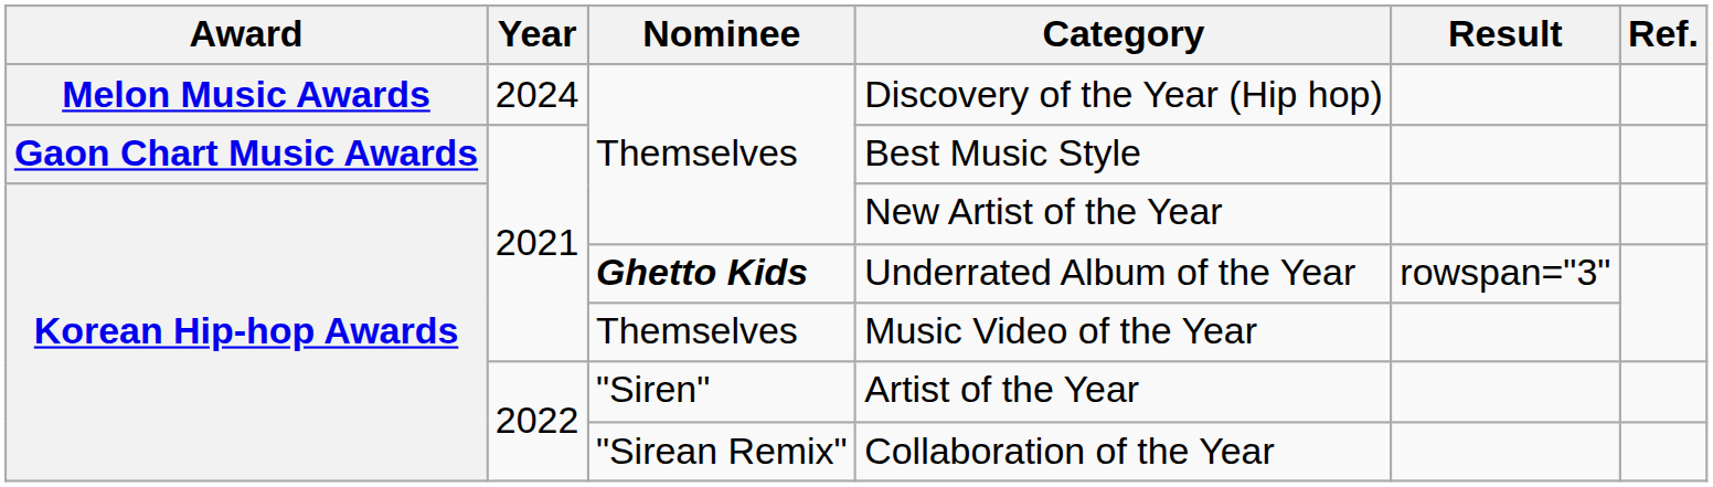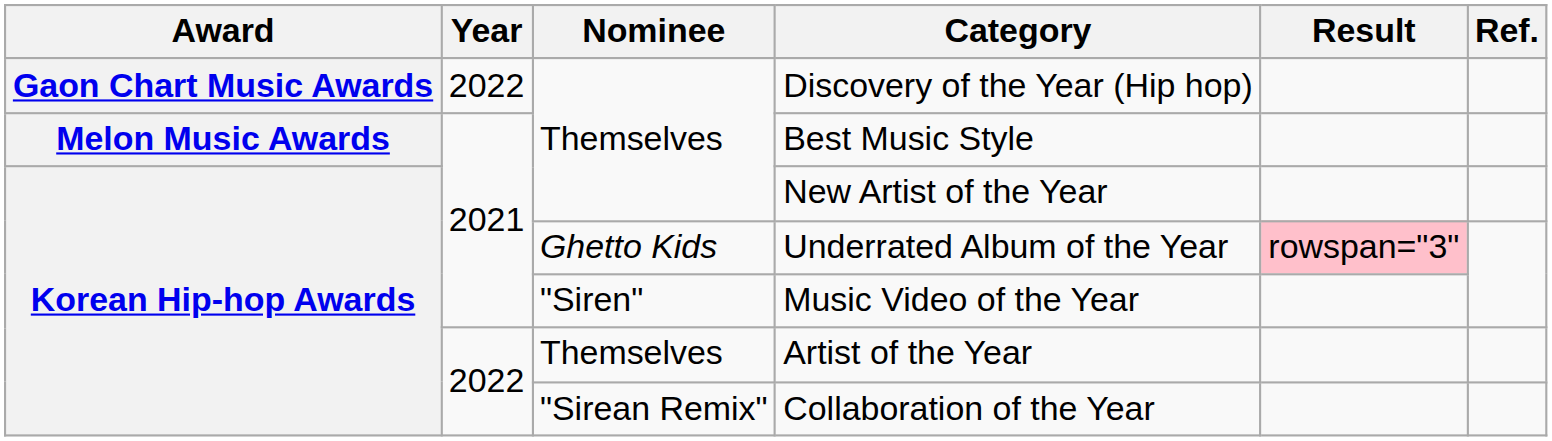 <table class="wikitable plainrowheaders">
 <tr>
 <th>Award</th>
 <th>Year</th>
 <th>Nominee</th>
 <th>Category</th>
 <th>Result</th>
 <th>Ref.</th>
 </tr>
 <tr>
-<th scope="row"><a href='#'>Melon Music Awards</a></th>
-<td>2024</td>
+<th scope="row"><a href='#'>Gaon Chart Music Awards</a></th>
+<td>2022</td>
 <td rowspan="3">Themselves</td>
 <td>Discovery of the Year (Hip hop)</td>
 <td></td>
 <td></td>
 </tr>
 <tr>
-<th scope="row"><a href='#'>Gaon Chart Music Awards</a></th>
+<th scope="row"><a href='#'>Melon Music Awards</a></th>
 <td rowspan="4">2021</td>
 <td>Best Music Style</td>
 <td></td>
 <td></td>
 </tr>
 <tr>
 <th rowspan="5" scope="row"><a href='#'>Korean Hip-hop Awards</a></th>
 <td>New Artist of the Year</td>
 <td></td>
 <td></td>
 </tr>
 <tr>
-<td><strong><em>Ghetto Kids</em></strong></td>
+<td><em>Ghetto Kids</em></td>
 <td>Underrated Album of the Year</td>
-<td>rowspan="3" </td>
+<td style="background: pink;">rowspan="3" </td>
 <td rowspan="2"></td>
 </tr>
 <tr>
-<td>Themselves</td>
+<td>"Siren"</td>
 <td>Music Video of the Year</td>
 </tr>
 <tr>
 <td rowspan="2">2022</td>
-<td>"Siren"</td>
+<td>Themselves</td>
 <td>Artist of the Year</td>
 <td></td>
 </tr>
 <tr>
 <td>"Sirean Remix"</td>
 <td>Collaboration of the Year</td>
 <td></td>
 <td></td>
 </tr>
 </table>
